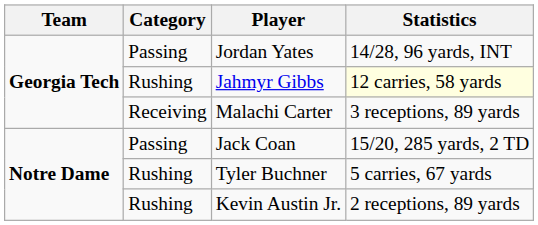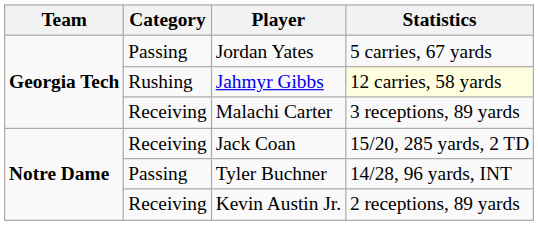 <table class="wikitable" style="float: left;">
 <tr>
 <th>Team</th>
 <th>Category</th>
 <th>Player</th>
 <th>Statistics</th>
 </tr>
 <tr>
 <td rowspan=3><strong>Georgia Tech</strong></td>
 <td>Passing</td>
 <td>Jordan Yates</td>
-<td>14/28, 96 yards, INT</td>
+<td>5 carries, 67 yards</td>
 </tr>
 <tr>
 <td>Rushing</td>
 <td><a href='#'>Jahmyr Gibbs</a></td>
 <td style="background: lightyellow;">12 carries, 58 yards</td>
 </tr>
 <tr>
 <td>Receiving</td>
 <td>Malachi Carter</td>
 <td>3 receptions, 89 yards</td>
 </tr>
 <tr>
 <td rowspan=3><strong>Notre Dame</strong></td>
-<td>Passing</td>
+<td>Receiving</td>
 <td>Jack Coan</td>
 <td>15/20, 285 yards, 2 TD</td>
 </tr>
 <tr>
-<td>Rushing</td>
+<td>Passing</td>
 <td>Tyler Buchner</td>
-<td>5 carries, 67 yards</td>
+<td>14/28, 96 yards, INT</td>
 </tr>
 <tr>
-<td>Rushing</td>
+<td>Receiving</td>
 <td>Kevin Austin Jr.</td>
 <td>2 receptions, 89 yards</td>
 </tr>
 </table>
